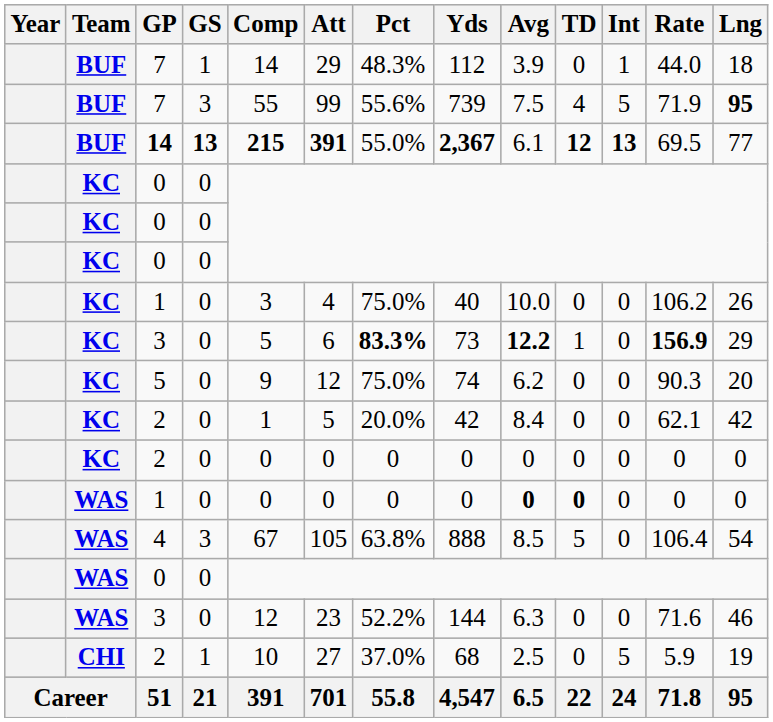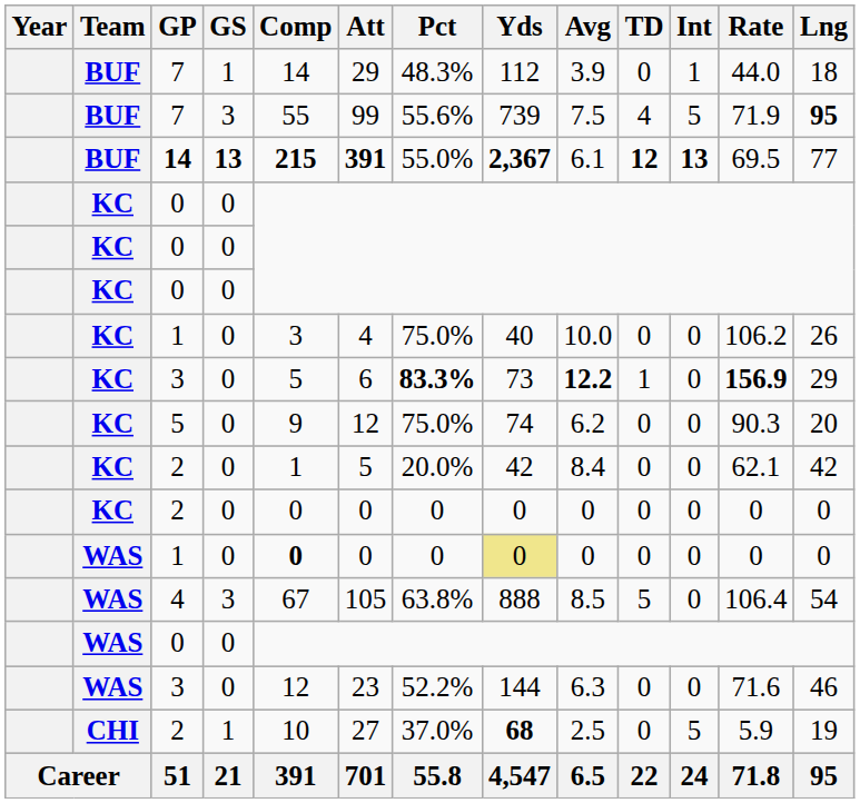 <table class="wikitable" style="text-align: center;">
 <tr>
 <th>Year</th>
 <th>Team</th>
 <th>GP</th>
 <th>GS</th>
 <th>Comp</th>
 <th>Att</th>
 <th>Pct</th>
 <th>Yds</th>
 <th>Avg</th>
 <th>TD</th>
 <th>Int</th>
 <th>Rate</th>
 <th>Lng</th>
 </tr>
 <tr>
 <th></th>
 <th><a href='#'>BUF</a></th>
 <td>7</td>
 <td>1</td>
 <td>14</td>
 <td>29</td>
 <td>48.3%</td>
 <td>112</td>
 <td>3.9</td>
 <td>0</td>
 <td>1</td>
 <td>44.0</td>
 <td>18</td>
 </tr>
 <tr>
 <th></th>
 <th><a href='#'>BUF</a></th>
 <td>7</td>
 <td>3</td>
 <td>55</td>
 <td>99</td>
 <td>55.6%</td>
 <td>739</td>
 <td>7.5</td>
 <td>4</td>
 <td>5</td>
 <td>71.9</td>
 <td><strong>95</strong></td>
 </tr>
 <tr>
 <th></th>
 <th><a href='#'>BUF</a></th>
 <td><strong>14</strong></td>
 <td><strong>13</strong></td>
 <td><strong>215</strong></td>
 <td><strong>391</strong></td>
 <td>55.0%</td>
 <td><strong>2,367</strong></td>
 <td>6.1</td>
 <td><strong>12</strong></td>
 <td><strong>13</strong></td>
 <td>69.5</td>
 <td>77</td>
 </tr>
 <tr>
 <th></th>
 <th><a href='#'>KC</a></th>
 <td>0</td>
 <td>0</td>
 <td colspan="9" rowspan="3"></td>
 </tr>
 <tr>
 <th></th>
 <th><a href='#'>KC</a></th>
 <td>0</td>
 <td>0</td>
 </tr>
 <tr>
 <th></th>
 <th><a href='#'>KC</a></th>
 <td>0</td>
 <td>0</td>
 </tr>
 <tr>
 <th></th>
 <th><a href='#'>KC</a></th>
 <td>1</td>
 <td>0</td>
 <td>3</td>
 <td>4</td>
 <td>75.0%</td>
 <td>40</td>
 <td>10.0</td>
 <td>0</td>
 <td>0</td>
 <td>106.2</td>
 <td>26</td>
 </tr>
 <tr>
 <th></th>
 <th><a href='#'>KC</a></th>
 <td>3</td>
 <td>0</td>
 <td>5</td>
 <td>6</td>
 <td><strong>83.3%</strong></td>
 <td>73</td>
 <td><strong>12.2</strong></td>
 <td>1</td>
 <td>0</td>
 <td><strong>156.9</strong></td>
 <td>29</td>
 </tr>
 <tr>
 <th></th>
 <th><a href='#'>KC</a></th>
 <td>5</td>
 <td>0</td>
 <td>9</td>
 <td>12</td>
 <td>75.0%</td>
 <td>74</td>
 <td>6.2</td>
 <td>0</td>
 <td>0</td>
 <td>90.3</td>
 <td>20</td>
 </tr>
 <tr>
 <th></th>
 <th><a href='#'>KC</a></th>
 <td>2</td>
 <td>0</td>
 <td>1</td>
 <td>5</td>
 <td>20.0%</td>
 <td>42</td>
 <td>8.4</td>
 <td>0</td>
 <td>0</td>
 <td>62.1</td>
 <td>42</td>
 </tr>
 <tr>
 <th></th>
 <th><a href='#'>KC</a></th>
 <td>2</td>
 <td>0</td>
 <td>0</td>
 <td>0</td>
 <td>0</td>
 <td>0</td>
 <td>0</td>
 <td>0</td>
 <td>0</td>
 <td>0</td>
 <td>0</td>
 </tr>
 <tr>
 <th></th>
 <th><a href='#'>WAS</a></th>
 <td>1</td>
 <td>0</td>
+<td><strong>0</strong></td>
 <td>0</td>
 <td>0</td>
+<td style="background: khaki;">0</td>
 <td>0</td>
 <td>0</td>
-<td><strong>0</strong></td>
-<td><strong>0</strong></td>
 <td>0</td>
 <td>0</td>
 <td>0</td>
 </tr>
 <tr>
 <th></th>
 <th><a href='#'>WAS</a></th>
 <td>4</td>
 <td>3</td>
 <td>67</td>
 <td>105</td>
 <td>63.8%</td>
 <td>888</td>
 <td>8.5</td>
 <td>5</td>
 <td>0</td>
 <td>106.4</td>
 <td>54</td>
 </tr>
 <tr>
 <th></th>
 <th><a href='#'>WAS</a></th>
 <td>0</td>
 <td>0</td>
 <td colspan="9"></td>
 </tr>
 <tr>
 <th></th>
 <th><a href='#'>WAS</a></th>
 <td>3</td>
 <td>0</td>
 <td>12</td>
 <td>23</td>
 <td>52.2%</td>
 <td>144</td>
 <td>6.3</td>
 <td>0</td>
 <td>0</td>
 <td>71.6</td>
 <td>46</td>
 </tr>
 <tr>
 <th></th>
 <th><a href='#'>CHI</a></th>
 <td>2</td>
 <td>1</td>
 <td>10</td>
 <td>27</td>
 <td>37.0%</td>
-<td>68</td>
+<td><strong>68</strong></td>
 <td>2.5</td>
 <td>0</td>
 <td>5</td>
 <td>5.9</td>
 <td>19</td>
 </tr>
 <tr>
 <th colspan="2">Career</th>
 <th>51</th>
 <th>21</th>
 <th>391</th>
 <th>701</th>
 <th>55.8</th>
 <th>4,547</th>
 <th>6.5</th>
 <th>22</th>
 <th>24</th>
 <th>71.8</th>
 <th>95</th>
 </tr>
 </table>
